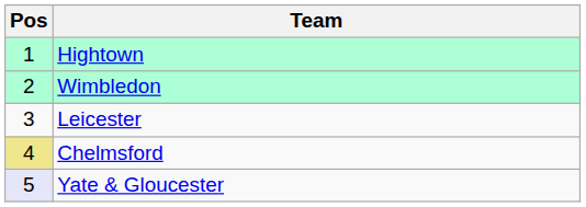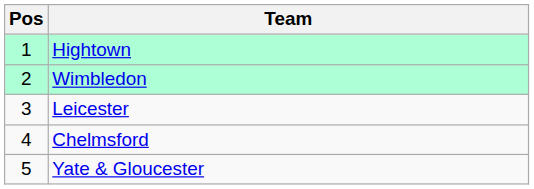 <table class="wikitable" style="font-size: 100%">
 <tr>
 <th width=20>Pos</th>
 <th width=400>Team</th>
 </tr>
 <tr align=center style="background: #ADFFD6;">
 <td>1</td>
 <td align="left"><a href='#'>Hightown</a></td>
 </tr>
 <tr align=center style="background: #ADFFD6;">
 <td>2</td>
 <td align="left"><a href='#'>Wimbledon</a></td>
 </tr>
 <tr align=center>
 <td>3</td>
 <td align="left"><a href='#'>Leicester</a></td>
 </tr>
 <tr align=center>
-<td style="background: khaki;">4</td>
+<td>4</td>
 <td align="left"><a href='#'>Chelmsford</a></td>
 </tr>
 <tr align=center>
-<td style="background: lavender;">5</td>
+<td>5</td>
 <td align="left"><a href='#'>Yate & Gloucester</a></td>
 </tr>
 </table>
